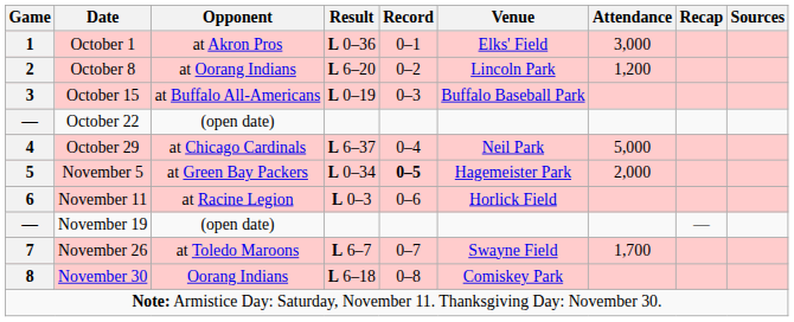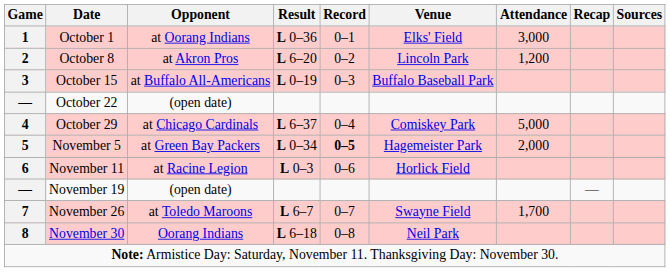 <table class="wikitable" style="text-align:center">
 <tr>
 <th>Game</th>
 <th>Date</th>
 <th>Opponent</th>
 <th>Result</th>
 <th>Record</th>
 <th>Venue</th>
 <th>Attendance</th>
 <th>Recap</th>
 <th>Sources</th>
 </tr>
 <tr style="background:#fcc">
 <th>1</th>
 <td>October 1</td>
-<td>at <a href='#'>Akron Pros</a></td>
+<td>at <a href='#'>Oorang Indians</a></td>
 <td><strong>L</strong> 0–36</td>
 <td>0–1</td>
 <td><a href='#'>Elks' Field</a></td>
 <td>3,000</td>
 <td></td>
 <td></td>
 </tr>
 <tr style="background:#fcc">
 <th>2</th>
 <td>October 8</td>
-<td>at <a href='#'>Oorang Indians</a></td>
+<td>at <a href='#'>Akron Pros</a></td>
 <td><strong>L</strong> 6–20</td>
 <td>0–2</td>
 <td><a href='#'>Lincoln Park</a></td>
 <td>1,200</td>
 <td></td>
 <td></td>
 </tr>
 <tr style="background:#fcc">
 <th>3</th>
 <td>October 15</td>
 <td>at <a href='#'>Buffalo All-Americans</a></td>
 <td><strong>L</strong> 0–19</td>
 <td>0–3</td>
 <td><a href='#'>Buffalo Baseball Park</a></td>
 <td></td>
 <td></td>
 <td></td>
 </tr>
 <tr>
 <th>—</th>
 <td>October 22</td>
 <td>(open date)</td>
 <td></td>
 <td></td>
 <td></td>
 <td></td>
 <td></td>
 <td></td>
 </tr>
 <tr style="background:#fcc">
 <th>4</th>
 <td>October 29</td>
 <td>at <a href='#'>Chicago Cardinals</a></td>
 <td><strong>L</strong> 6–37</td>
 <td>0–4</td>
-<td><a href='#'>Neil Park</a></td>
+<td><a href='#'>Comiskey Park</a></td>
 <td>5,000</td>
 <td></td>
 <td></td>
 </tr>
 <tr style="background:#fcc">
 <th>5</th>
 <td>November 5</td>
 <td>at <a href='#'>Green Bay Packers</a></td>
 <td><strong>L</strong> 0–34</td>
 <td><strong>0–5</strong></td>
 <td><a href='#'>Hagemeister Park</a></td>
 <td>2,000</td>
 <td></td>
 <td></td>
 </tr>
 <tr style="background:#fcc">
 <th>6</th>
 <td>November 11</td>
 <td>at <a href='#'>Racine Legion</a></td>
 <td><strong>L</strong> 0–3</td>
 <td>0–6</td>
 <td><a href='#'>Horlick Field</a></td>
 <td></td>
 <td></td>
 <td></td>
 </tr>
 <tr>
 <th>—</th>
 <td>November 19</td>
 <td>(open date)</td>
 <td></td>
 <td></td>
 <td></td>
 <td></td>
 <td>—</td>
 <td></td>
 </tr>
 <tr style="background:#fcc">
 <th>7</th>
 <td>November 26</td>
 <td>at <a href='#'>Toledo Maroons</a></td>
 <td><strong>L</strong> 6–7</td>
 <td>0–7</td>
 <td><a href='#'>Swayne Field</a></td>
 <td>1,700</td>
 <td></td>
 <td></td>
 </tr>
 <tr style="background:#fcc">
 <th>8</th>
 <td><a href='#'>November 30</a></td>
 <td><a href='#'>Oorang Indians</a></td>
 <td><strong>L</strong> 6–18</td>
 <td>0–8</td>
-<td><a href='#'>Comiskey Park</a></td>
+<td><a href='#'>Neil Park</a></td>
 <td></td>
 <td></td>
 <td></td>
 </tr>
 <tr>
 <td colspan="10"><strong>Note:</strong> Armistice Day: Saturday, November 11. Thanksgiving Day: November 30.</td>
 </tr>
 </table>
